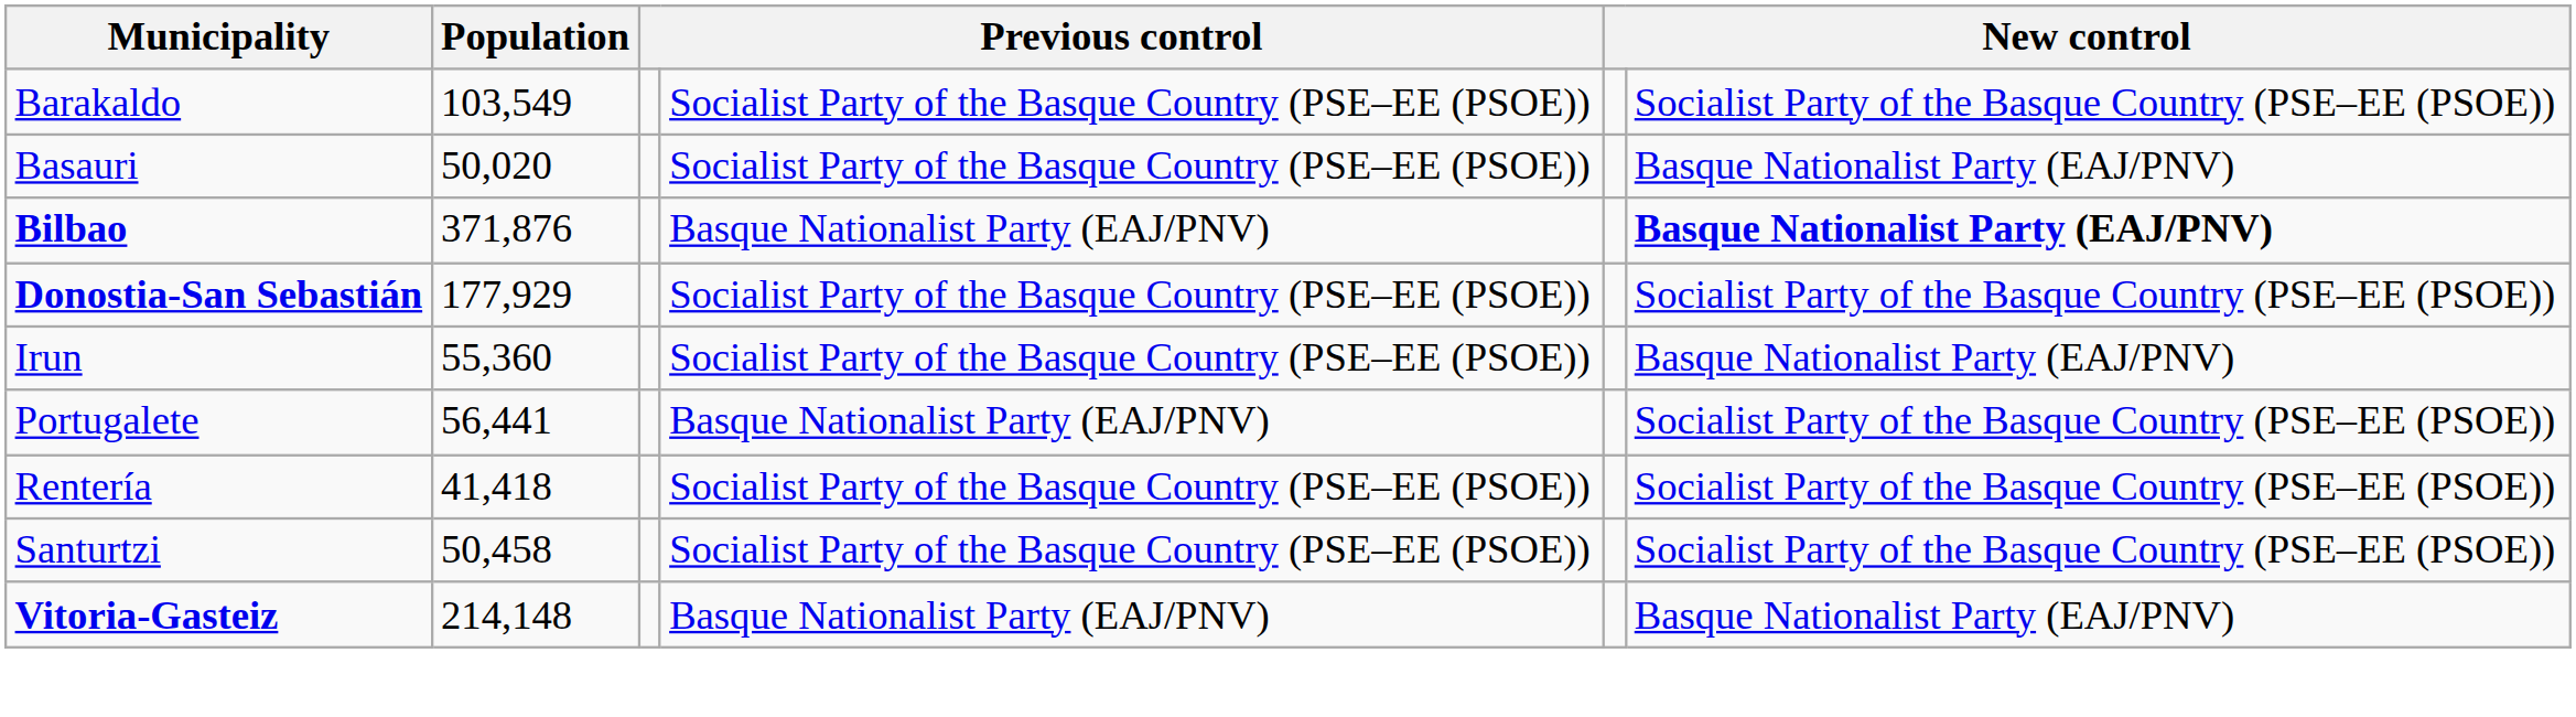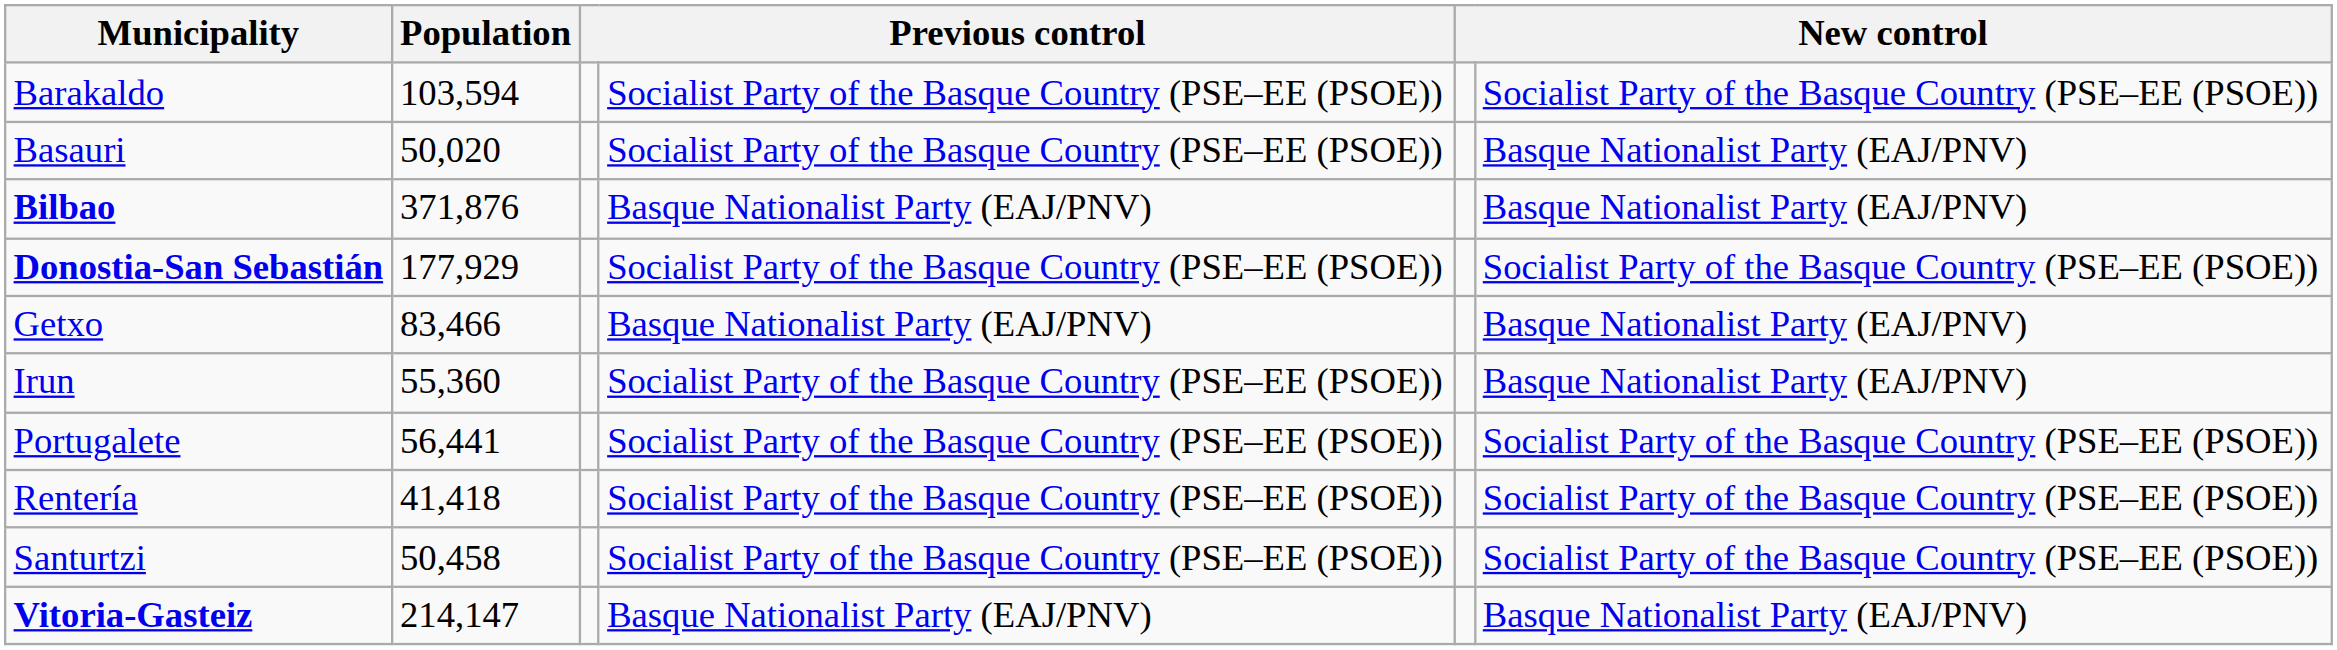 <table class="wikitable sortable">
 <tr>
 <th>Municipality</th>
 <th>Population</th>
 <th colspan="2" style="width:375px;">Previous control</th>
 <th colspan="2" style="width:375px;">New control</th>
 </tr>
 <tr>
 <td><a href='#'>Barakaldo</a></td>
-<td>103,549</td>
+<td>103,594</td>
 <td width="1" style="color:inherit;background:"></td>
 <td><a href='#'>Socialist Party of the Basque Country</a> (PSE–EE (PSOE))</td>
 <td width="1" style="color:inherit;background:"></td>
 <td><a href='#'>Socialist Party of the Basque Country</a> (PSE–EE (PSOE))</td>
 </tr>
 <tr>
 <td><a href='#'>Basauri</a></td>
 <td>50,020</td>
 <td style="color:inherit;background:"></td>
 <td><a href='#'>Socialist Party of the Basque Country</a> (PSE–EE (PSOE))</td>
 <td style="color:inherit;background:"></td>
 <td><a href='#'>Basque Nationalist Party</a> (EAJ/PNV)</td>
 </tr>
 <tr>
 <td><strong><a href='#'>Bilbao</a></strong></td>
 <td>371,876</td>
 <td style="color:inherit;background:"></td>
 <td><a href='#'>Basque Nationalist Party</a> (EAJ/PNV)</td>
 <td style="color:inherit;background:"></td>
-<td><strong><a href='#'>Basque Nationalist Party</a> (EAJ/PNV)</strong></td>
+<td><a href='#'>Basque Nationalist Party</a> (EAJ/PNV)</td>
 </tr>
 <tr>
 <td><strong><a href='#'>Donostia-San Sebastián</a></strong></td>
 <td>177,929</td>
 <td style="color:inherit;background:"></td>
 <td><a href='#'>Socialist Party of the Basque Country</a> (PSE–EE (PSOE))</td>
 <td style="color:inherit;background:"></td>
 <td><a href='#'>Socialist Party of the Basque Country</a> (PSE–EE (PSOE))</td>
+</tr>
+<tr>
+<td><a href='#'>Getxo</a></td>
+<td>83,466</td>
+<td style="color:inherit;background:"></td>
+<td><a href='#'>Basque Nationalist Party</a> (EAJ/PNV)</td>
+<td style="color:inherit;background:"></td>
+<td><a href='#'>Basque Nationalist Party</a> (EAJ/PNV)</td>
 </tr>
 <tr>
 <td><a href='#'>Irun</a></td>
 <td>55,360</td>
 <td style="color:inherit;background:"></td>
 <td><a href='#'>Socialist Party of the Basque Country</a> (PSE–EE (PSOE))</td>
 <td style="color:inherit;background:"></td>
 <td><a href='#'>Basque Nationalist Party</a> (EAJ/PNV)</td>
 </tr>
 <tr>
 <td><a href='#'>Portugalete</a></td>
 <td>56,441</td>
 <td style="color:inherit;background:"></td>
-<td><a href='#'>Basque Nationalist Party</a> (EAJ/PNV)</td>
+<td><a href='#'>Socialist Party of the Basque Country</a> (PSE–EE (PSOE))</td>
 <td style="color:inherit;background:"></td>
 <td><a href='#'>Socialist Party of the Basque Country</a> (PSE–EE (PSOE))</td>
 </tr>
 <tr>
 <td><a href='#'>Rentería</a></td>
 <td>41,418</td>
 <td style="color:inherit;background:"></td>
 <td><a href='#'>Socialist Party of the Basque Country</a> (PSE–EE (PSOE))</td>
 <td style="color:inherit;background:"></td>
 <td><a href='#'>Socialist Party of the Basque Country</a> (PSE–EE (PSOE))</td>
 </tr>
 <tr>
 <td><a href='#'>Santurtzi</a></td>
 <td>50,458</td>
 <td style="color:inherit;background:"></td>
 <td><a href='#'>Socialist Party of the Basque Country</a> (PSE–EE (PSOE))</td>
 <td style="color:inherit;background:"></td>
 <td><a href='#'>Socialist Party of the Basque Country</a> (PSE–EE (PSOE))</td>
 </tr>
 <tr>
 <td><strong><a href='#'>Vitoria-Gasteiz</a></strong></td>
-<td>214,148</td>
+<td>214,147</td>
 <td style="color:inherit;background:"></td>
 <td><a href='#'>Basque Nationalist Party</a> (EAJ/PNV)</td>
 <td style="color:inherit;background:"></td>
 <td><a href='#'>Basque Nationalist Party</a> (EAJ/PNV)</td>
 </tr>
 </table>
